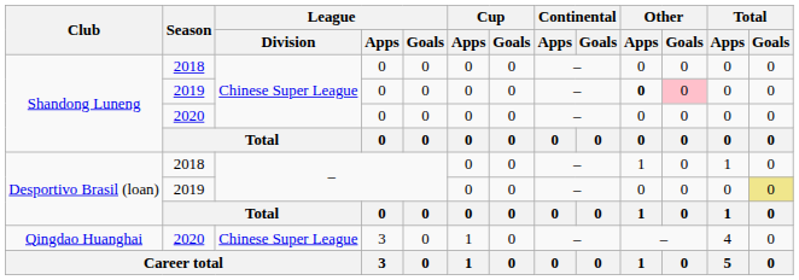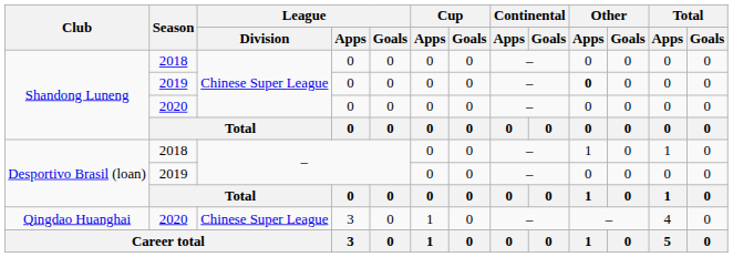 <table class="wikitable" style="text-align: center">
 <tr>
 <th rowspan="2">Club</th>
 <th rowspan="2">Season</th>
 <th colspan="3">League</th>
 <th colspan="2">Cup</th>
 <th colspan="2">Continental</th>
 <th colspan="2">Other</th>
 <th colspan="2">Total</th>
 </tr>
 <tr>
 <th>Division</th>
 <th>Apps</th>
 <th>Goals</th>
 <th>Apps</th>
 <th>Goals</th>
 <th>Apps</th>
 <th>Goals</th>
 <th>Apps</th>
 <th>Goals</th>
 <th>Apps</th>
 <th>Goals</th>
 </tr>
 <tr>
 <td rowspan="4"><a href='#'>Shandong Luneng</a></td>
 <td><a href='#'>2018</a></td>
 <td rowspan="3"><a href='#'>Chinese Super League</a></td>
 <td>0</td>
 <td>0</td>
 <td>0</td>
 <td>0</td>
 <td colspan="2">–</td>
 <td>0</td>
 <td>0</td>
 <td>0</td>
 <td>0</td>
 </tr>
 <tr>
 <td><a href='#'>2019</a></td>
 <td>0</td>
 <td>0</td>
 <td>0</td>
 <td>0</td>
 <td colspan="2">–</td>
 <td><strong>0</strong></td>
-<td style="background: pink;">0</td>
+<td>0</td>
 <td>0</td>
 <td>0</td>
 </tr>
 <tr>
 <td><a href='#'>2020</a></td>
 <td>0</td>
 <td>0</td>
 <td>0</td>
 <td>0</td>
 <td colspan="2">–</td>
 <td>0</td>
 <td>0</td>
 <td>0</td>
 <td>0</td>
 </tr>
 <tr>
 <th colspan=2>Total</th>
 <th>0</th>
 <th>0</th>
 <th>0</th>
 <th>0</th>
 <th>0</th>
 <th>0</th>
 <th>0</th>
 <th>0</th>
 <th>0</th>
 <th>0</th>
 </tr>
 <tr>
 <td rowspan="3"><a href='#'>Desportivo Brasil</a> (loan)</td>
 <td>2018</td>
 <td rowspan="2" colspan="3">–</td>
 <td>0</td>
 <td>0</td>
 <td colspan="2">–</td>
 <td>1</td>
 <td>0</td>
 <td>1</td>
 <td>0</td>
 </tr>
 <tr>
 <td>2019</td>
 <td>0</td>
 <td>0</td>
 <td colspan="2">–</td>
 <td>0</td>
 <td>0</td>
 <td>0</td>
-<td style="background: khaki;">0</td>
+<td>0</td>
 </tr>
 <tr>
 <th colspan=2>Total</th>
 <th>0</th>
 <th>0</th>
 <th>0</th>
 <th>0</th>
 <th>0</th>
 <th>0</th>
 <th>1</th>
 <th>0</th>
 <th>1</th>
 <th>0</th>
 </tr>
 <tr>
 <td><a href='#'>Qingdao Huanghai</a></td>
 <td><a href='#'>2020</a></td>
 <td><a href='#'>Chinese Super League</a></td>
 <td>3</td>
 <td>0</td>
 <td>1</td>
 <td>0</td>
 <td colspan="2">–</td>
 <td colspan="2">–</td>
 <td>4</td>
 <td>0</td>
 </tr>
 <tr>
 <th colspan=3>Career total</th>
 <th>3</th>
 <th>0</th>
 <th>1</th>
 <th>0</th>
 <th>0</th>
 <th>0</th>
 <th>1</th>
 <th>0</th>
 <th>5</th>
 <th>0</th>
 </tr>
 </table>
